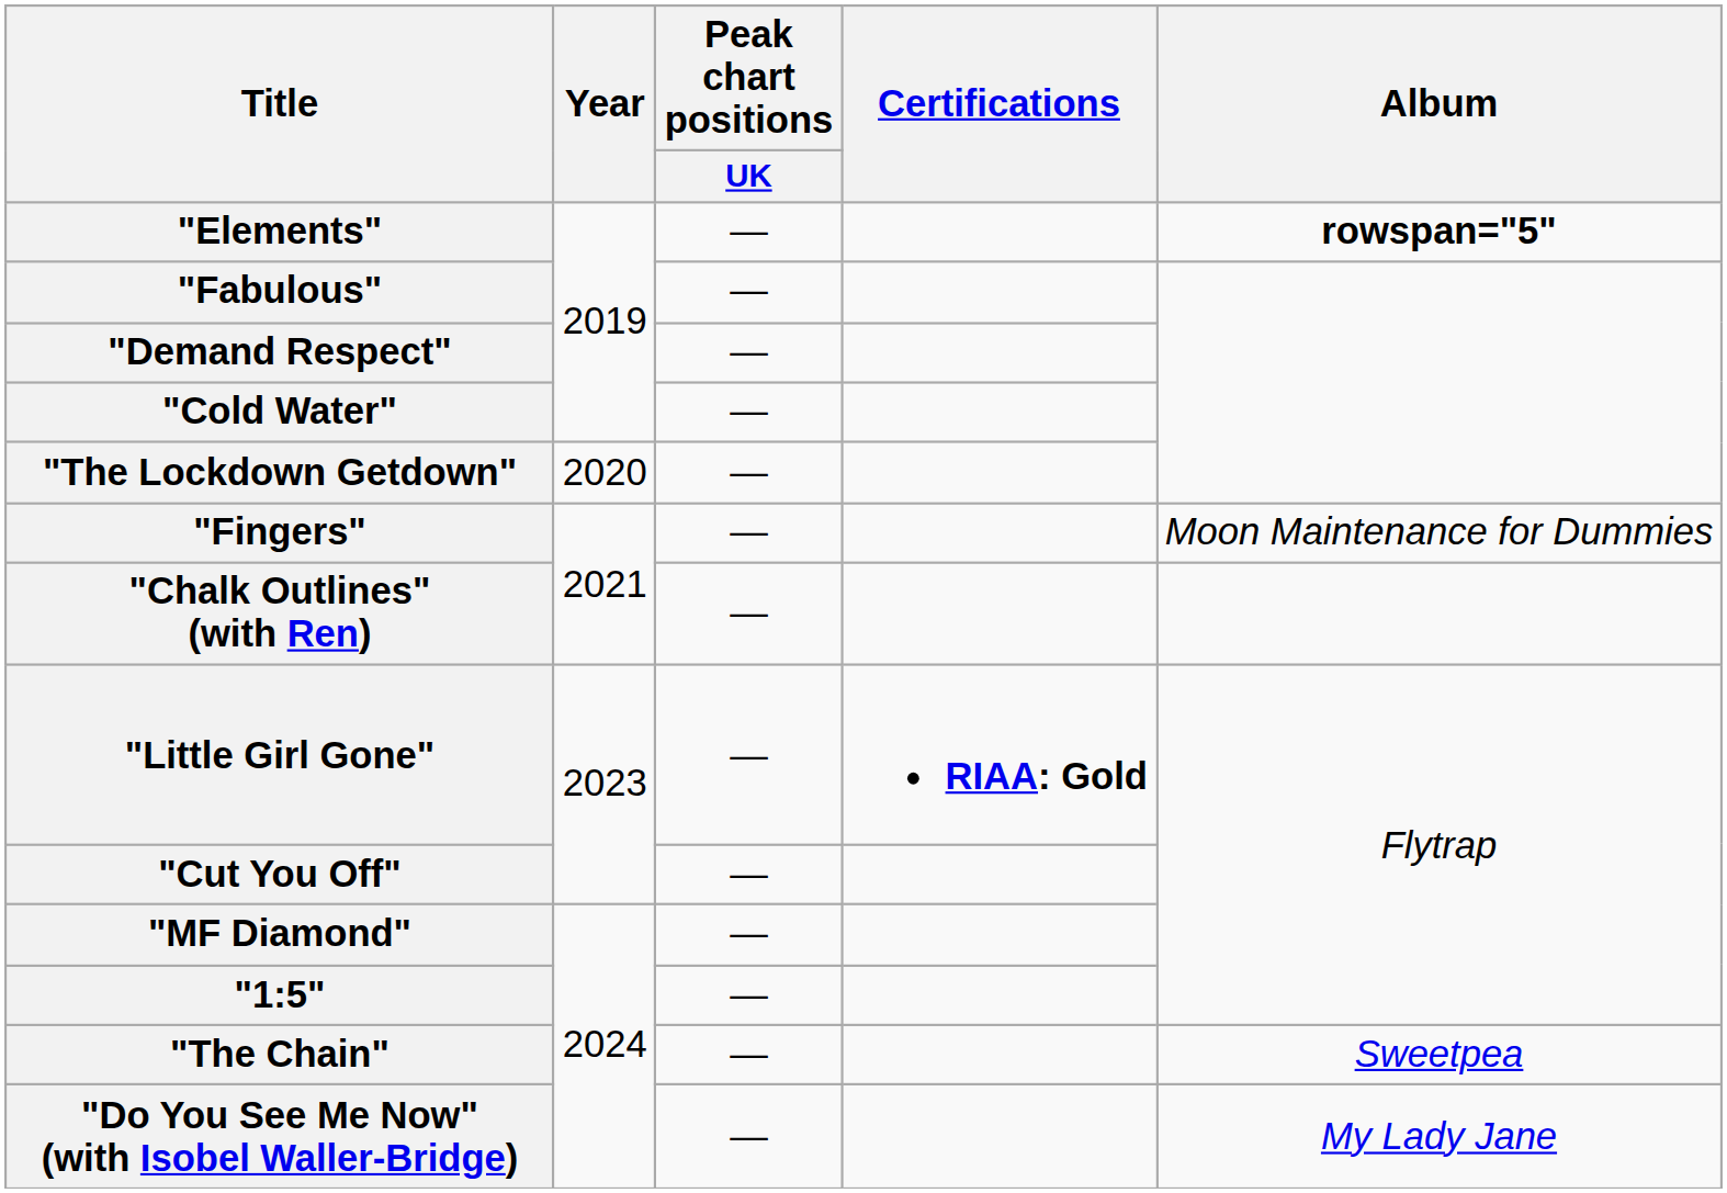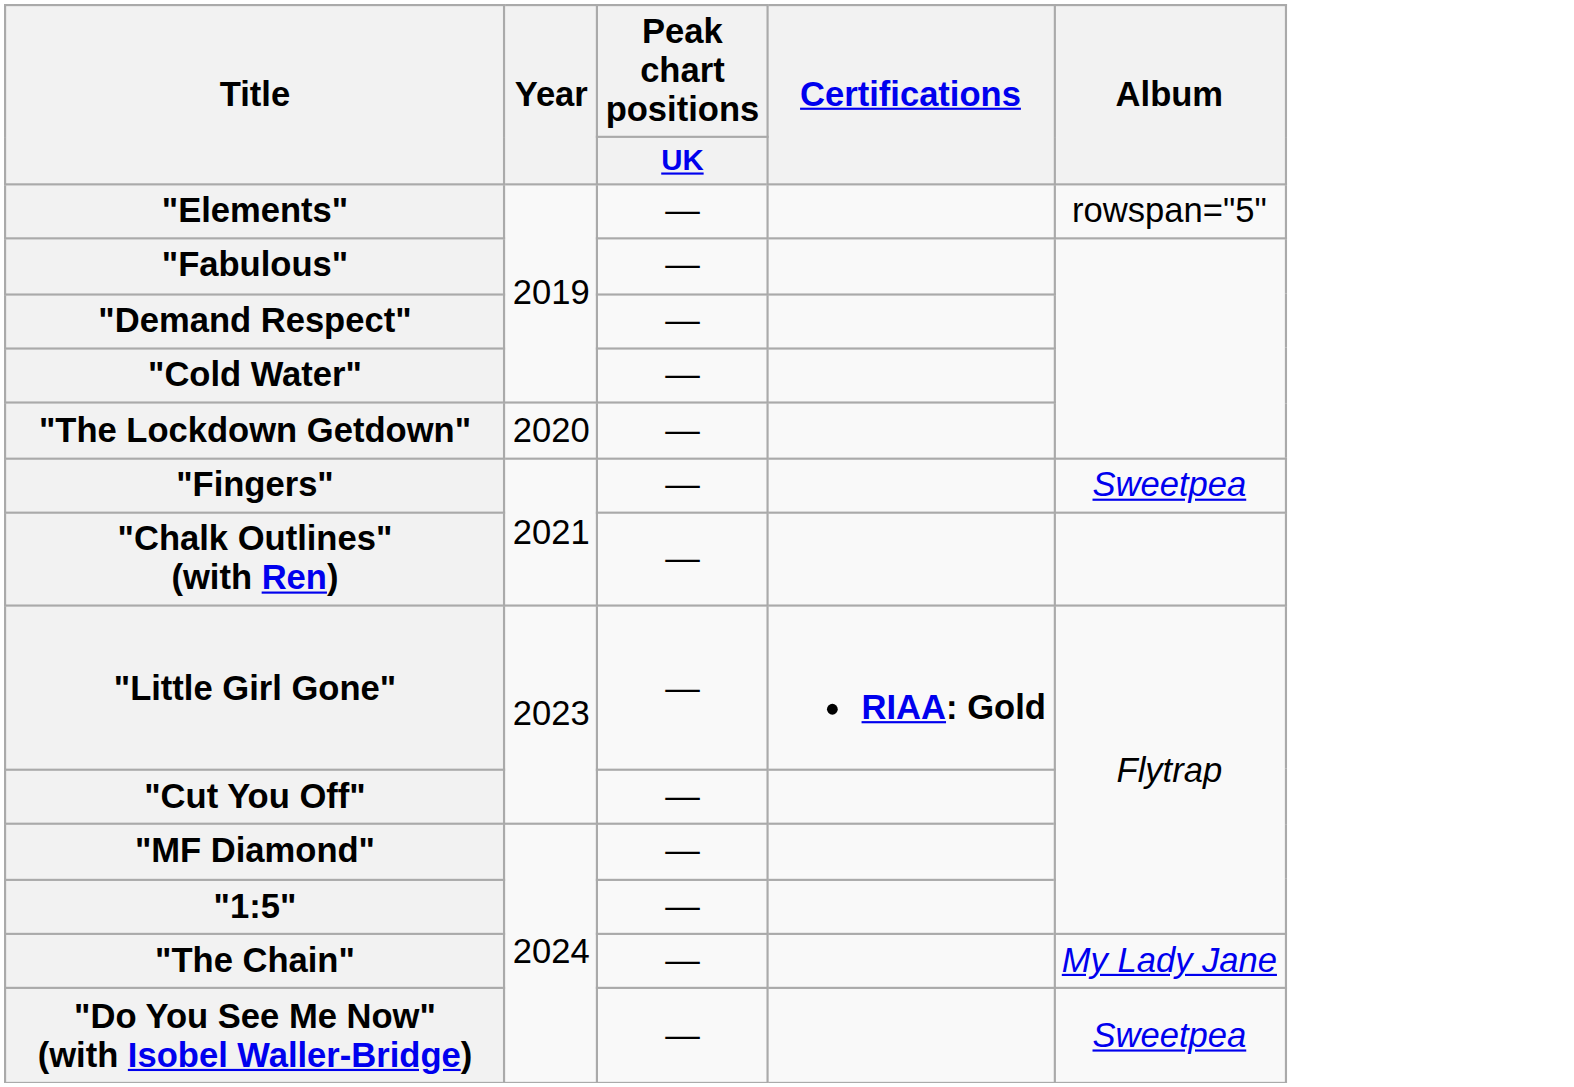 <table class="wikitable plainrowheaders" style="text-align:center;">
 <tr>
 <th scope="col" rowspan="2" style="width:14em;">Title</th>
 <th scope="col" rowspan="2" style="width:2em;">Year</th>
 <th scope="col" colspan="1">Peak chart positions</th>
 <th rowspan="2"><a href='#'>Certifications</a></th>
 <th rowspan="2" scope="col">Album</th>
 </tr>
 <tr>
 <th scope="col" style="width:3.5em;font-size:85%"><a href='#'>UK</a><br></th>
 </tr>
 <tr>
 <th scope="row">"Elements"</th>
 <td rowspan="4">2019</td>
 <td>—</td>
 <td></td>
-<td><strong>rowspan="5" </strong></td>
+<td>rowspan="5" </td>
 </tr>
 <tr>
 <th scope="row">"Fabulous"</th>
 <td>—</td>
 <td></td>
 </tr>
 <tr>
 <th scope="row">"Demand Respect"</th>
 <td>—</td>
 <td></td>
 </tr>
 <tr>
 <th scope="row">"Cold Water"</th>
 <td>—</td>
 <td></td>
 </tr>
 <tr>
 <th scope="row">"The Lockdown Getdown"</th>
 <td>2020</td>
 <td>—</td>
 <td></td>
 </tr>
 <tr>
 <th scope="row">"Fingers"</th>
 <td rowspan="2">2021</td>
 <td>—</td>
 <td></td>
-<td><em>Moon Maintenance for Dummies</em></td>
+<td><em><a href='#'>Sweetpea</a></em></td>
 </tr>
 <tr>
 <th scope="row">"Chalk Outlines"<br><span>(with <a href='#'>Ren</a>)</span></th>
 <td>—</td>
 <td></td>
 <td></td>
 </tr>
 <tr>
 <th scope="row">"Little Girl Gone"</th>
 <td rowspan="2">2023</td>
 <td>—</td>
 <td><strong><br><ul><li><a href='#'>RIAA</a>: Gold</li></ul></strong></td>
 <td rowspan="4"><em>Flytrap</em></td>
 </tr>
 <tr>
 <th scope="row">"Cut You Off"</th>
 <td>—</td>
 <td></td>
 </tr>
 <tr>
 <th scope="row">"MF Diamond"</th>
 <td rowspan="4">2024</td>
 <td>—</td>
 <td></td>
 </tr>
 <tr>
 <th scope="row">"1:5"</th>
 <td>—</td>
 <td></td>
 </tr>
 <tr>
 <th scope="row">"The Chain"</th>
 <td>—</td>
 <td></td>
-<td><em><a href='#'>Sweetpea</a></em></td>
+<td><em><a href='#'>My Lady Jane</a></em></td>
 </tr>
 <tr>
 <th scope="row">"Do You See Me Now"<br><span>(with <a href='#'>Isobel Waller-Bridge</a>)</span></th>
 <td>—</td>
 <td></td>
-<td><em><a href='#'>My Lady Jane</a></em></td>
+<td><em><a href='#'>Sweetpea</a></em></td>
 </tr>
 </table>
